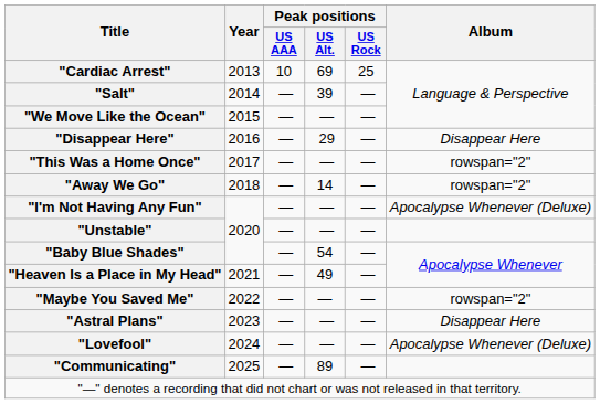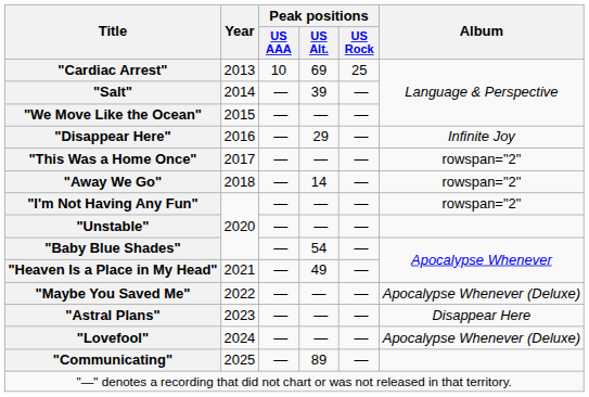 <table class="wikitable plainrowheaders" style="text-align:center;">
 <tr>
 <th scope="col" rowspan="2">Title</th>
 <th scope="col" rowspan="2">Year</th>
 <th scope="col" colspan="3">Peak positions</th>
 <th scope="col" rowspan="2">Album</th>
 </tr>
 <tr>
 <th scope="col" style="width:2.9em;font-size:85%;"><a href='#'>US<br>AAA</a><br></th>
 <th scope="col" style="width:2.9em;font-size:85%;"><a href='#'>US<br>Alt.</a><br></th>
 <th scope="col" style="width:2.9em;font-size:85%;"><a href='#'>US<br>Rock</a><br></th>
 </tr>
 <tr>
 <th scope="row">"Cardiac Arrest"</th>
 <td rowspan="1">2013</td>
 <td>10</td>
 <td>69</td>
 <td>25</td>
 <td rowspan="3"><em>Language & Perspective</em></td>
 </tr>
 <tr>
 <th scope="row">"Salt"</th>
 <td rowspan="1">2014</td>
 <td> —</td>
 <td>39</td>
 <td> —</td>
 </tr>
 <tr>
 <th scope="row">"We Move Like the Ocean"</th>
 <td rowspan="1">2015</td>
 <td> —</td>
 <td> —</td>
 <td> —</td>
 </tr>
 <tr>
 <th scope="row">"Disappear Here"</th>
 <td rowspan="1">2016</td>
 <td> —</td>
 <td> 29</td>
 <td> —</td>
-<td rowspan="1"><em>Disappear Here</em></td>
+<td rowspan="1"><em>Infinite Joy</em></td>
 </tr>
 <tr>
 <th scope="row">"This Was a Home Once"</th>
 <td rowspan="1">2017</td>
 <td> —</td>
 <td> —</td>
 <td> —</td>
 <td>rowspan="2" </td>
 </tr>
 <tr>
 <th scope="row">"Away We Go"</th>
 <td rowspan="1">2018</td>
 <td> —</td>
 <td>14</td>
 <td> —</td>
 <td>rowspan="2" </td>
 </tr>
 <tr>
 <th scope="row">"I'm Not Having Any Fun"</th>
 <td rowspan="3">2020</td>
 <td> —</td>
 <td> —</td>
 <td> —</td>
-<td rowspan="1"><em>Apocalypse Whenever (Deluxe)</em></td>
+<td>rowspan="2" </td>
 </tr>
 <tr>
 <th scope="row">"Unstable"</th>
 <td> —</td>
 <td> —</td>
 <td> —</td>
 </tr>
 <tr>
 <th scope="row">"Baby Blue Shades"</th>
 <td> —</td>
 <td>54</td>
 <td> —</td>
 <td rowspan="2"><em><a href='#'>Apocalypse Whenever</a></em></td>
 </tr>
 <tr>
 <th scope="row">"Heaven Is a Place in My Head"</th>
 <td rowspan="1">2021</td>
 <td> —</td>
 <td>49</td>
 <td> —</td>
 </tr>
 <tr>
 <th scope="row">"Maybe You Saved Me"<br></th>
 <td rowspan="1">2022</td>
 <td> —</td>
 <td>—</td>
 <td> —</td>
-<td>rowspan="2" </td>
+<td rowspan="1"><em>Apocalypse Whenever (Deluxe)</em></td>
 </tr>
 <tr>
 <th scope="row">"Astral Plans"</th>
 <td rowspan="1">2023</td>
 <td> —</td>
 <td> —</td>
 <td> —</td>
 <td rowspan="1"><em>Disappear Here</em></td>
 </tr>
 <tr>
 <th scope="row">"Lovefool"</th>
 <td rowspan="1">2024</td>
 <td> —</td>
 <td> —</td>
 <td> —</td>
 <td rowspan="1"><em>Apocalypse Whenever (Deluxe)</em></td>
 </tr>
 <tr>
 <th scope="row">"Communicating"</th>
 <td rowspan="1">2025</td>
 <td> —</td>
 <td>89</td>
 <td> —</td>
 </tr>
 <tr>
 <td colspan="8" style="font-size:90%">"—" denotes a recording that did not chart or was not released in that territory.</td>
 </tr>
 </table>
